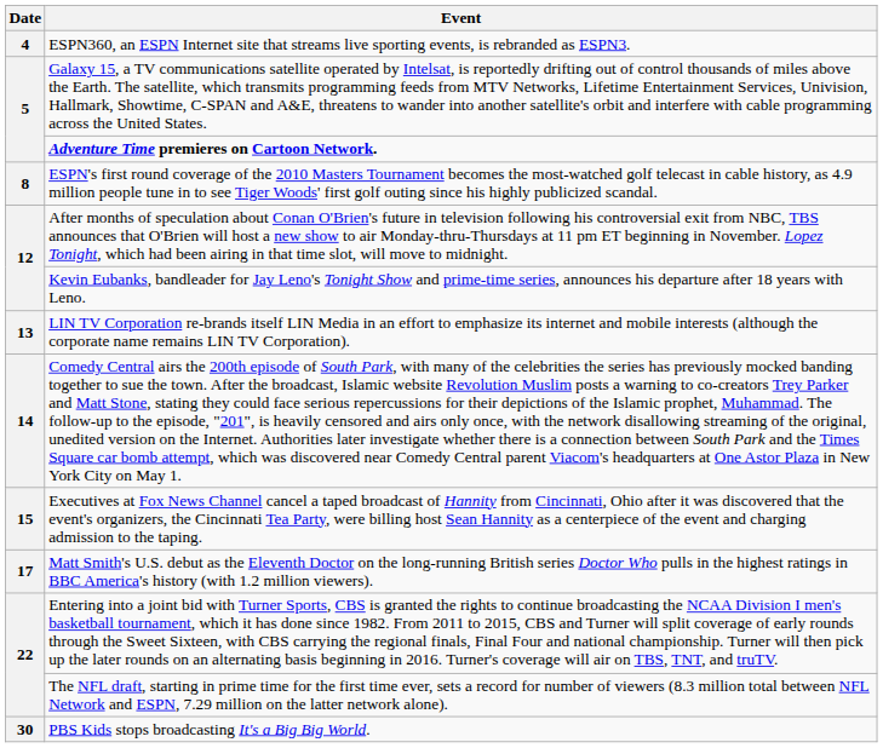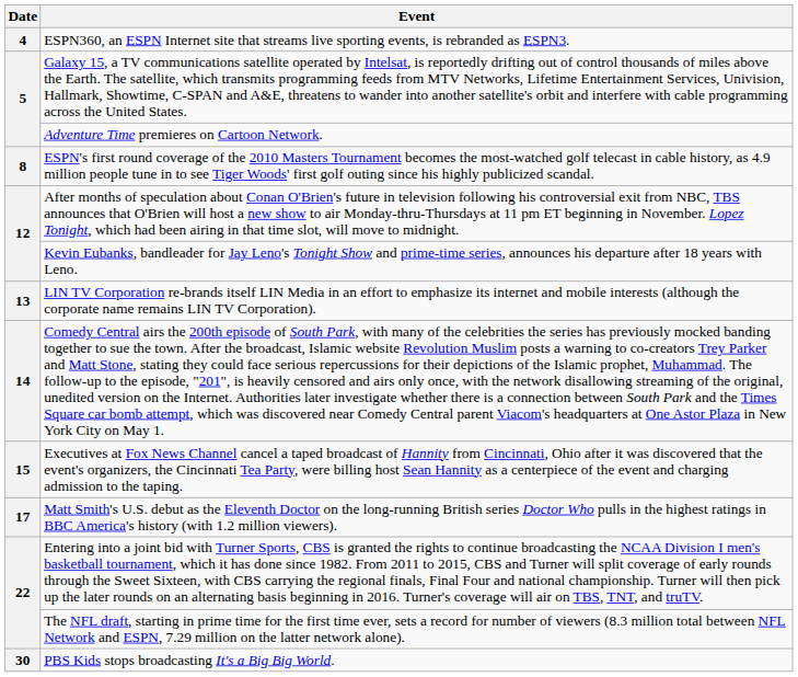 <table class="wikitable">
 <tr>
 <th>Date</th>
 <th>Event</th>
 </tr>
 <tr>
 <th style="text-align:center;"><strong>4</strong></th>
 <td>ESPN360, an <a href='#'>ESPN</a> Internet site that streams live sporting events, is rebranded as <a href='#'>ESPN3</a>.</td>
 </tr>
 <tr>
 <th style="text-align:center;" rowspan="2"><strong>5</strong></th>
 <td><a href='#'>Galaxy 15</a>, a TV communications satellite operated by <a href='#'>Intelsat</a>, is reportedly drifting out of control thousands of miles above the Earth. The satellite, which transmits programming feeds from MTV Networks, Lifetime Entertainment Services, Univision, Hallmark, Showtime, C-SPAN and A&E, threatens to wander into another satellite's orbit and interfere with cable programming across the United States.</td>
 </tr>
 <tr>
-<td><strong><em><a href='#'>Adventure Time</a></em> premieres on <a href='#'>Cartoon Network</a>.</strong></td>
+<td><em><a href='#'>Adventure Time</a></em> premieres on <a href='#'>Cartoon Network</a>.</td>
 </tr>
 <tr>
 <th style="text-align:center;"><strong>8</strong></th>
 <td><a href='#'>ESPN</a>'s first round coverage of the <a href='#'>2010 Masters Tournament</a> becomes the most-watched golf telecast in cable history, as 4.9 million people tune in to see <a href='#'>Tiger Woods</a>' first golf outing since his highly publicized scandal.</td>
 </tr>
 <tr>
 <th style="text-align:center;" rowspan="2"><strong>12</strong></th>
 <td>After months of speculation about <a href='#'>Conan O'Brien</a>'s future in television following his controversial exit from NBC, <a href='#'>TBS</a> announces that O'Brien will host a <a href='#'>new show</a> to air Monday-thru-Thursdays at 11 pm ET beginning in November. <em><a href='#'>Lopez Tonight</a></em>, which had been airing in that time slot, will move to midnight.</td>
 </tr>
 <tr>
 <td><a href='#'>Kevin Eubanks</a>, bandleader for <a href='#'>Jay Leno</a>'s <em><a href='#'>Tonight Show</a></em> and <a href='#'>prime-time series</a>, announces his departure after 18 years with Leno.</td>
 </tr>
 <tr>
 <th style="text-align:center;"><strong>13</strong></th>
 <td><a href='#'>LIN TV Corporation</a> re-brands itself LIN Media in an effort to emphasize its internet and mobile interests (although the corporate name remains LIN TV Corporation).</td>
 </tr>
 <tr>
 <th style="text-align:center;"><strong>14</strong></th>
 <td><a href='#'>Comedy Central</a> airs the <a href='#'>200th episode</a> of <em><a href='#'>South Park</a></em>, with many of the celebrities the series has previously mocked banding together to sue the town. After the broadcast, Islamic website <a href='#'>Revolution Muslim</a> posts a warning to co-creators <a href='#'>Trey Parker</a> and <a href='#'>Matt Stone</a>, stating they could face serious repercussions for their depictions of the Islamic prophet, <a href='#'>Muhammad</a>. The follow-up to the episode, "<a href='#'>201</a>", is heavily censored and airs only once, with the network disallowing streaming of the original, unedited version on the Internet. Authorities later investigate whether there is a connection between <em>South Park</em> and the <a href='#'>Times Square car bomb attempt</a>, which was discovered near Comedy Central parent <a href='#'>Viacom</a>'s headquarters at <a href='#'>One Astor Plaza</a> in New York City on May 1.</td>
 </tr>
 <tr>
 <th style="text-align:center;"><strong>15</strong></th>
 <td>Executives at <a href='#'>Fox News Channel</a> cancel a taped broadcast of <em><a href='#'>Hannity</a></em> from <a href='#'>Cincinnati</a>, Ohio after it was discovered that the event's organizers, the Cincinnati <a href='#'>Tea Party</a>, were billing host <a href='#'>Sean Hannity</a> as a centerpiece of the event and charging admission to the taping.</td>
 </tr>
 <tr>
 <th style="text-align:center;"><strong>17</strong></th>
 <td><a href='#'>Matt Smith</a>'s U.S. debut as the <a href='#'>Eleventh Doctor</a> on the long-running British series <em><a href='#'>Doctor Who</a></em> pulls in the highest ratings in <a href='#'>BBC America</a>'s history (with 1.2 million viewers).</td>
 </tr>
 <tr>
 <th style="text-align:center;" rowspan="2"><strong>22</strong></th>
 <td>Entering into a joint bid with <a href='#'>Turner Sports</a>, <a href='#'>CBS</a> is granted the rights to continue broadcasting the <a href='#'>NCAA Division I men's basketball tournament</a>, which it has done since 1982. From 2011 to 2015, CBS and Turner will split coverage of early rounds through the Sweet Sixteen, with CBS carrying the regional finals, Final Four and national championship. Turner will then pick up the later rounds on an alternating basis beginning in 2016. Turner's coverage will air on <a href='#'>TBS</a>, <a href='#'>TNT</a>, and <a href='#'>truTV</a>.</td>
 </tr>
 <tr>
 <td>The <a href='#'>NFL draft</a>, starting in prime time for the first time ever, sets a record for number of viewers (8.3 million total between <a href='#'>NFL Network</a> and <a href='#'>ESPN</a>, 7.29 million on the latter network alone).</td>
 </tr>
 <tr>
 <th style="text-align:center;"><strong>30</strong></th>
 <td><a href='#'>PBS Kids</a> stops broadcasting <em><a href='#'>It's a Big Big World</a></em>.</td>
 </tr>
 </table>
